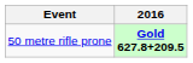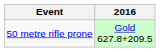 <table class="wikitable" style="text-align: center">
 <tr>
 <th>Event</th>
 <th>2016</th>
 </tr>
 <tr>
 <td align=left><a href='#'>50 metre rifle prone</a></td>
-<td style="background: #ccffcc"><strong><a href='#'>Gold</a><br>627.8+209.5</strong></td>
+<td style="background: #ccffcc"><a href='#'>Gold</a><br>627.8+209.5</td>
 </tr>
 </table>
